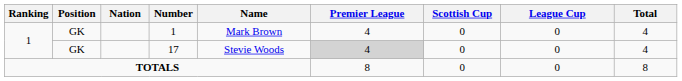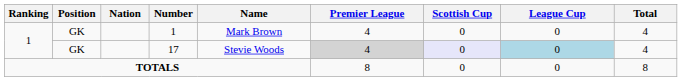 <table class="wikitable" style="font-size: 95%; text-align: center;">
 <tr>
 <th width=60>Ranking</th>
 <th width=60>Position</th>
 <th width=60>Nation</th>
 <th width=60>Number</th>
 <th width=150>Name</th>
 <th width=150><a href='#'>Premier League</a></th>
 <th width=100><a href='#'>Scottish Cup</a></th>
 <th width=150><a href='#'>League Cup</a></th>
 <th width=80>Total</th>
 </tr>
 <tr>
 <td rowspan="2">1</td>
 <td>GK</td>
 <td></td>
 <td>1</td>
 <td><a href='#'>Mark Brown</a></td>
 <td>4</td>
 <td>0</td>
 <td>0</td>
 <td>4</td>
 </tr>
 <tr>
 <td>GK</td>
 <td></td>
 <td>17</td>
 <td><a href='#'>Stevie Woods</a></td>
 <td style="background: lightgrey;">4</td>
-<td>0</td>
-<td>0</td>
+<td style="background: lavender;">0</td>
+<td style="background: lightblue;">0</td>
 <td>4</td>
 </tr>
 <tr>
 <td colspan="5"><strong>TOTALS</strong></td>
 <td>8</td>
 <td>0</td>
 <td>0</td>
 <td>8</td>
 </tr>
 </table>
